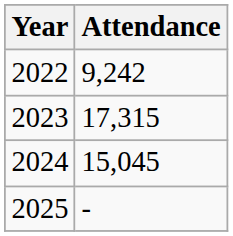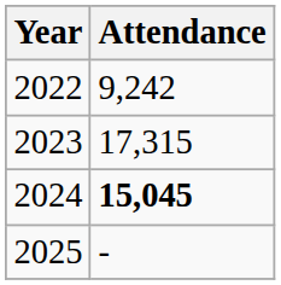 <table class= "wikitable">
 <tr>
 <th>Year</th>
 <th>Attendance</th>
 </tr>
 <tr>
 <td>2022</td>
 <td>9,242</td>
 </tr>
 <tr>
 <td>2023</td>
 <td>17,315</td>
 </tr>
 <tr>
 <td>2024</td>
-<td>15,045</td>
+<td><strong>15,045</strong></td>
 </tr>
 <tr>
 <td>2025</td>
 <td>-</td>
 </tr>
 </table>
